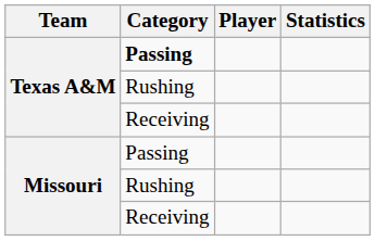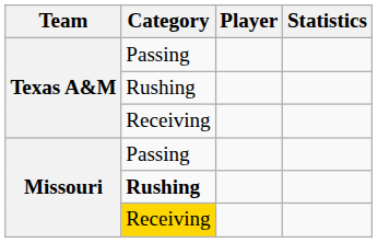 <table class="wikitable" style="float:right">
 <tr>
 <th>Team</th>
 <th>Category</th>
 <th>Player</th>
 <th>Statistics</th>
 </tr>
 <tr>
 <th rowspan=3>Texas A&M</th>
-<td><strong>Passing</strong></td>
+<td>Passing</td>
 <td></td>
 <td></td>
 </tr>
 <tr>
 <td>Rushing</td>
 <td></td>
 <td></td>
 </tr>
 <tr>
 <td>Receiving</td>
 <td></td>
 <td></td>
 </tr>
 <tr>
 <th rowspan=3>Missouri</th>
 <td>Passing</td>
 <td></td>
 <td></td>
 </tr>
 <tr>
-<td>Rushing</td>
+<td><strong>Rushing</strong></td>
 <td></td>
 <td></td>
 </tr>
 <tr>
-<td>Receiving</td>
+<td style="background: gold;">Receiving</td>
 <td></td>
 <td></td>
 </tr>
 </table>
